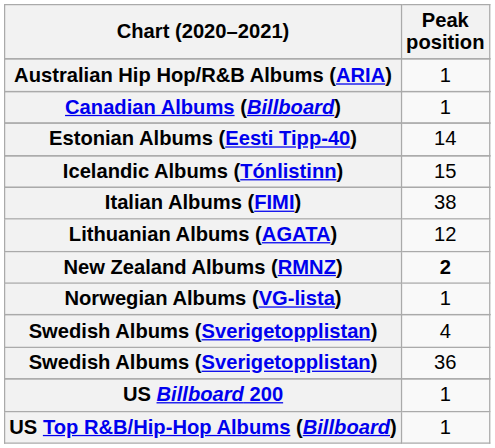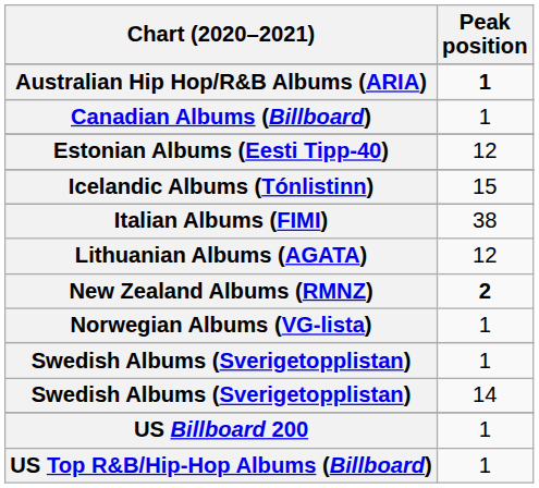 <table class="wikitable sortable plainrowheaders" style="text-align:center">
 <tr>
 <th scope="col">Chart (2020–2021)</th>
 <th scope="col">Peak<br>position</th>
 </tr>
 <tr>
 </tr>
 <tr>
 <th scope="row">Australian Hip Hop/R&B Albums (<a href='#'>ARIA</a>)</th>
-<td>1</td>
+<td><strong>1</strong></td>
 </tr>
 <tr>
 </tr>
 <tr>
 </tr>
 <tr>
 </tr>
 <tr>
 <th scope="row"><a href='#'>Canadian Albums</a> (<em><a href='#'>Billboard</a></em>)</th>
 <td>1</td>
 </tr>
 <tr>
 </tr>
 <tr>
 </tr>
 <tr>
 </tr>
 <tr>
 <th scope="row">Estonian Albums (<a href='#'>Eesti Tipp-40</a>)</th>
-<td>14</td>
+<td>12</td>
 </tr>
 <tr>
 </tr>
 <tr>
 </tr>
 <tr>
 </tr>
 <tr>
 </tr>
 <tr>
 <th scope="row">Icelandic Albums (<a href='#'>Tónlistinn</a>)</th>
 <td>15</td>
 </tr>
 <tr>
 </tr>
 <tr>
 <th scope="row">Italian Albums (<a href='#'>FIMI</a>)</th>
 <td>38</td>
 </tr>
 <tr>
 <th scope="row">Lithuanian Albums (<a href='#'>AGATA</a>)</th>
 <td>12</td>
 </tr>
 <tr>
 <th scope="row">New Zealand Albums (<a href='#'>RMNZ</a>)</th>
 <td><strong>2</strong></td>
 </tr>
 <tr>
 <th scope="row">Norwegian Albums (<a href='#'>VG-lista</a>)</th>
 <td>1</td>
 </tr>
 <tr>
 </tr>
 <tr>
 <th scope="row">Swedish Albums (<a href='#'>Sverigetopplistan</a>)</th>
-<td>4</td>
+<td>1</td>
 </tr>
 <tr>
 <th scope="row">Swedish Albums (<a href='#'>Sverigetopplistan</a>)<br></th>
-<td>36</td>
+<td>14</td>
 </tr>
 <tr>
 </tr>
 <tr>
 </tr>
 <tr>
 <th scope="row">US <a href='#'><em>Billboard</em> 200</a></th>
 <td>1</td>
 </tr>
 <tr>
 <th scope="row">US <a href='#'>Top R&B/Hip-Hop Albums</a> (<em><a href='#'>Billboard</a></em>)</th>
 <td>1</td>
 </tr>
 </table>
